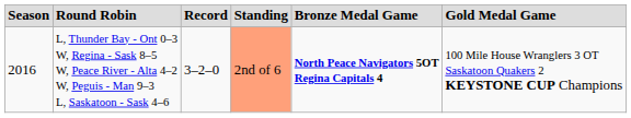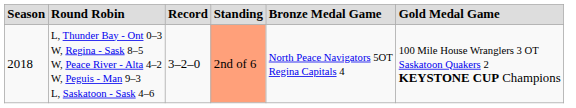 <table class="wikitable">
 <tr style="font-weight:bold; background-color:#dddddd;" |>
 <td>Season</td>
 <td>Round Robin</td>
 <td>Record</td>
 <td>Standing</td>
 <td>Bronze Medal Game</td>
 <td>Gold Medal Game</td>
 </tr>
 <tr>
-<td>2016</td>
+<td>2018</td>
 <td><small>L, <a href='#'>Thunder Bay - Ont</a> 0–3<br>W, <a href='#'>Regina - Sask</a> 8–5<br>W, <a href='#'>Peace River - Alta</a> 4–2<br>W, <a href='#'>Peguis - Man</a> 9–3<br>L, <a href='#'>Saskatoon - Sask</a> 4–6</small></td>
 <td>3–2–0</td>
 <td style="background: lightsalmon;">2nd of 6</td>
-<td><strong><small><a href='#'>North Peace Navigators</a> 5OT<br><a href='#'>Regina Capitals</a> 4 </small></strong></td>
+<td><small><a href='#'>North Peace Navigators</a> 5OT<br><a href='#'>Regina Capitals</a> 4 </small></td>
 <td><small>100 Mile House Wranglers 3 OT <br><a href='#'>Saskatoon Quakers</a> 2</small><br><strong>KEYSTONE CUP</strong> Champions</td>
 </tr>
 </table>
